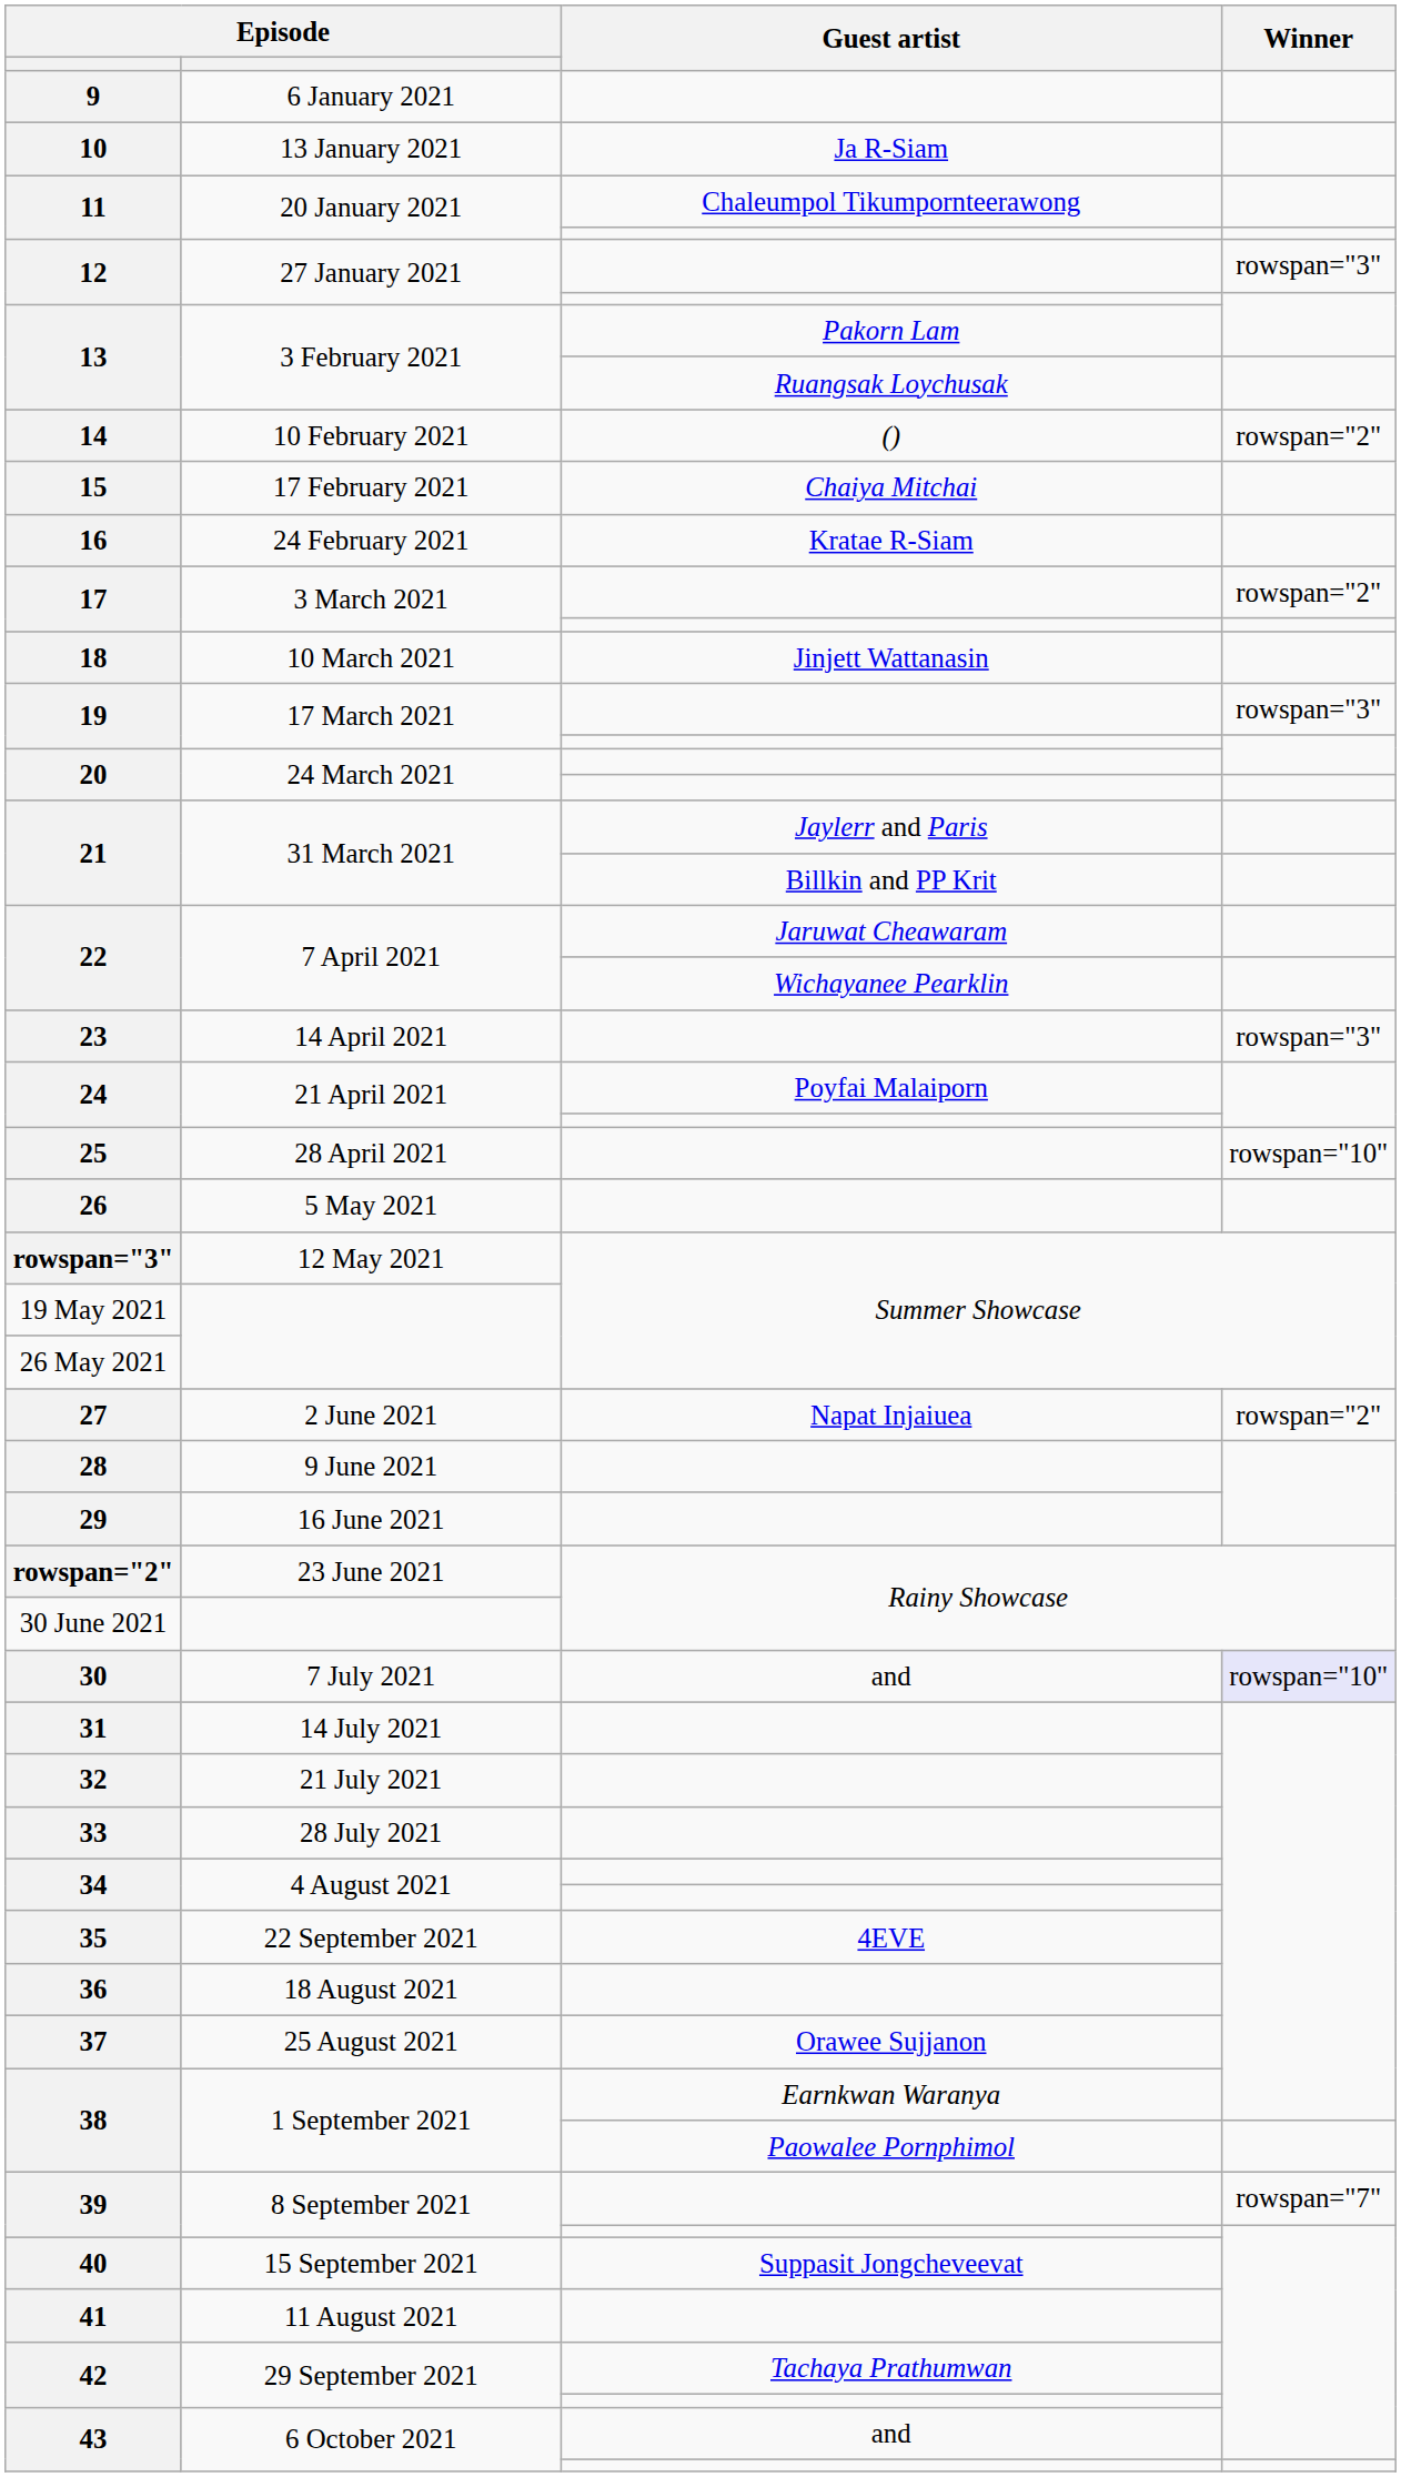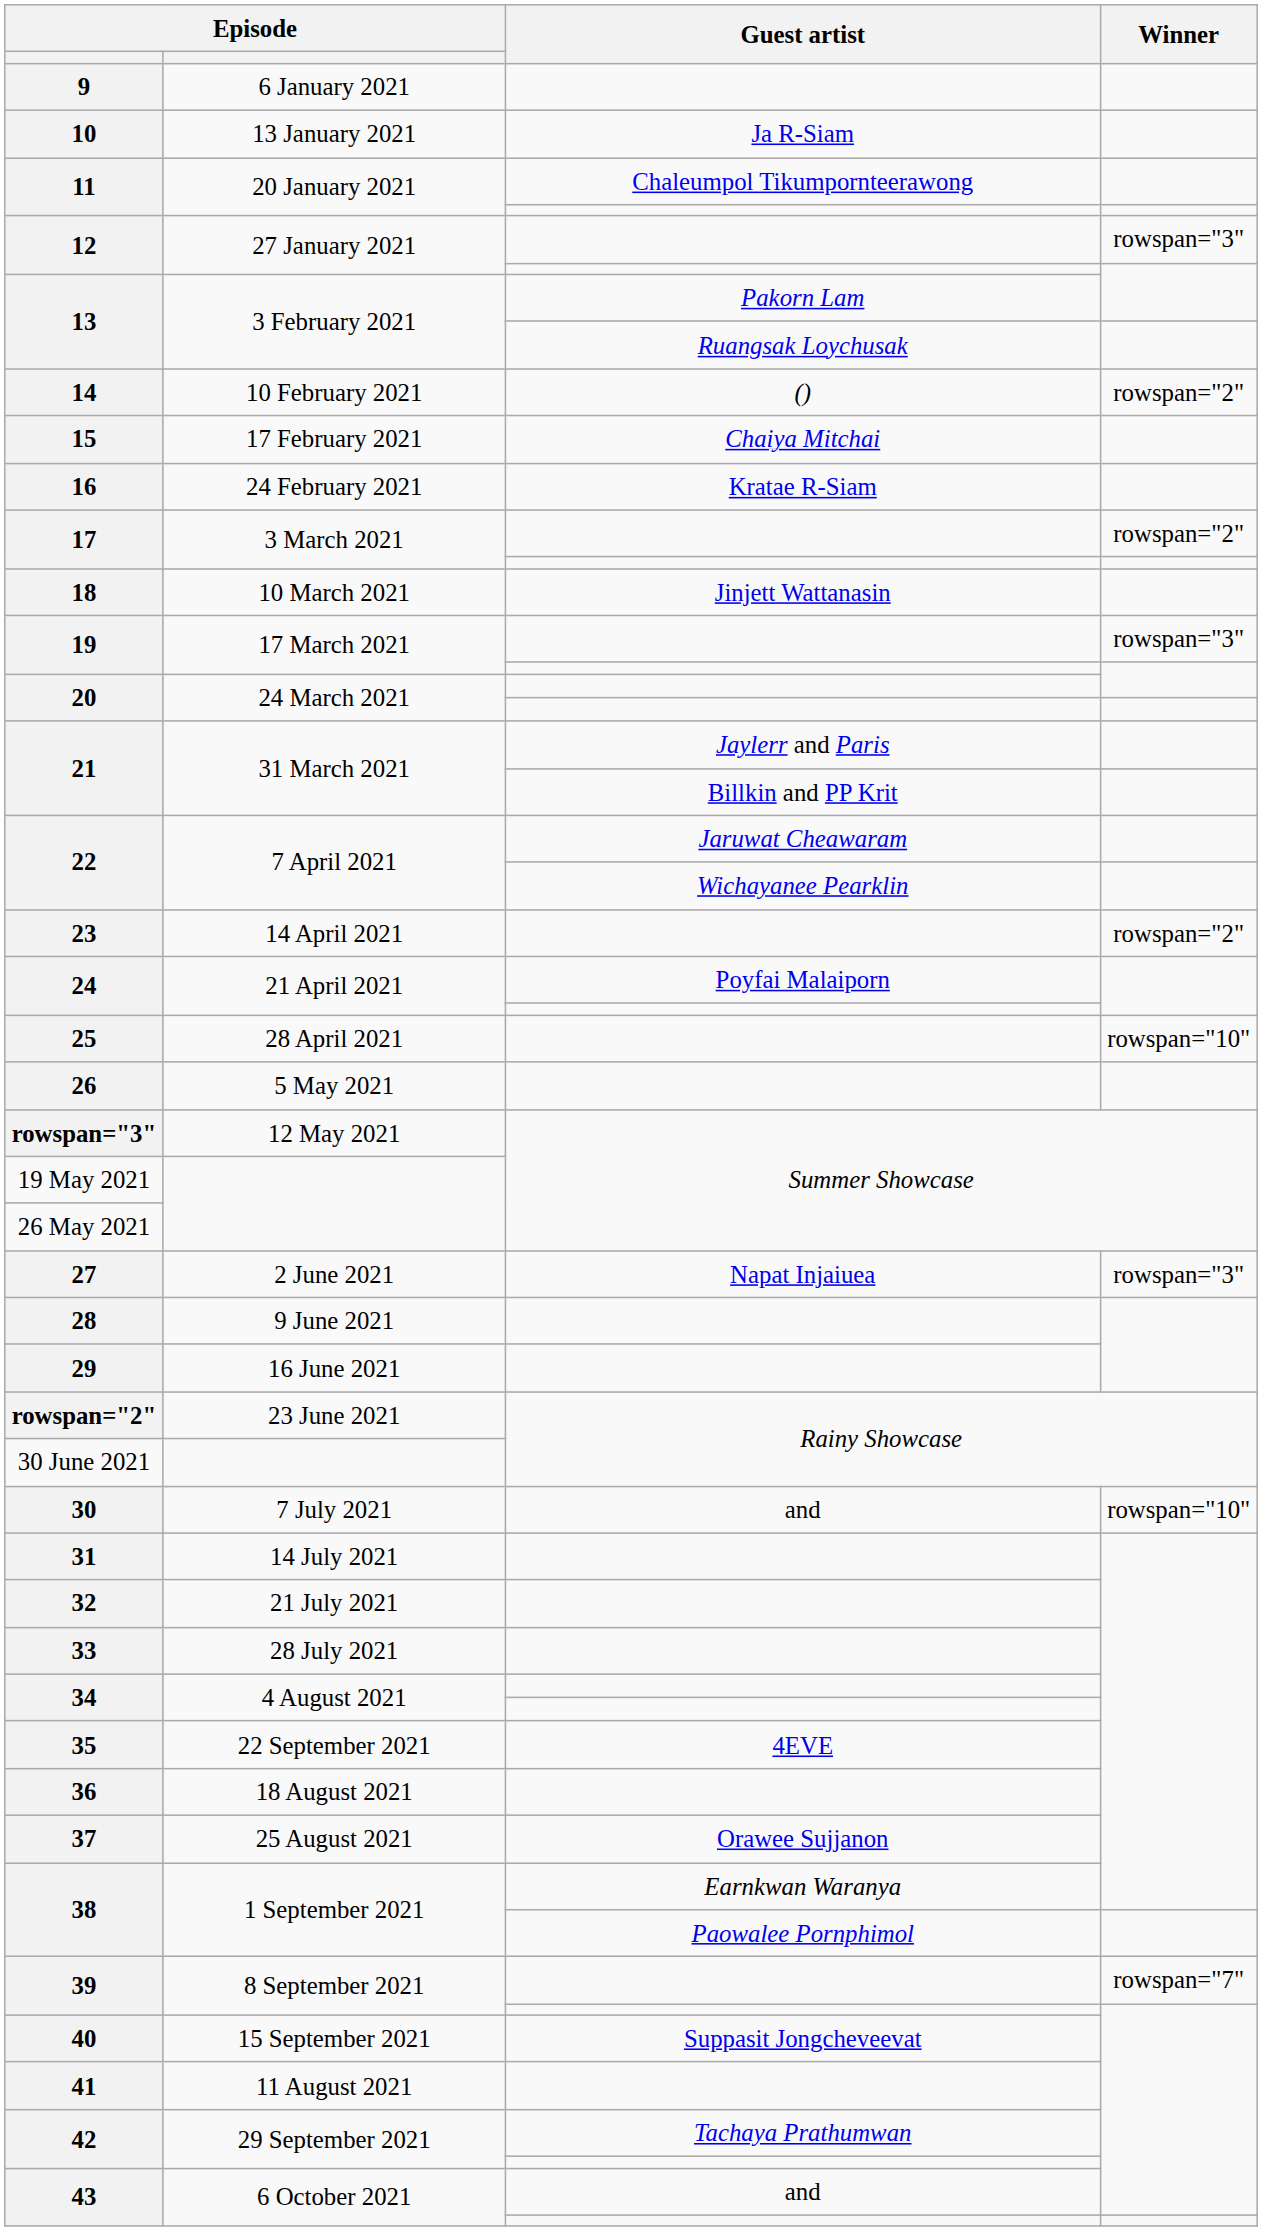 <table class="wikitable plainrowheaders mw-collapsible" style="text-align:center; line-height:23px; width:64%;">
 <tr>
 <th colspan="2" width="24%">Episode</th>
 <th rowspan="2" width="40%">Guest artist</th>
 <th rowspan="2" width="1%">Winner</th>
 </tr>
 <tr>
 <th width="01%"></th>
 <th></th>
 </tr>
 <tr>
 <th>9</th>
 <td>6 January 2021</td>
 <td></td>
 <td></td>
 </tr>
 <tr>
 <th>10</th>
 <td>13 January 2021</td>
 <td><a href='#'>Ja R-Siam</a></td>
 <td></td>
 </tr>
 <tr>
 <th rowspan="2">11</th>
 <td rowspan="2">20 January 2021</td>
 <td><a href='#'>Chaleumpol Tikumpornteerawong</a></td>
 <td></td>
 </tr>
 <tr>
 <td></td>
 <td></td>
 </tr>
 <tr>
 <th rowspan="2">12</th>
 <td rowspan="2">27 January 2021</td>
 <td><em></em></td>
 <td>rowspan="3"</td>
 </tr>
 <tr>
 <td><em></em></td>
 </tr>
 <tr>
 <th rowspan="2">13</th>
 <td rowspan="2">3 February 2021</td>
 <td><em><a href='#'>Pakorn Lam</a></em></td>
 </tr>
 <tr>
 <td><em><a href='#'>Ruangsak Loychusak</a></em></td>
 <td></td>
 </tr>
 <tr>
 <th>14</th>
 <td>10 February 2021</td>
 <td><em> ()</em></td>
 <td>rowspan="2"</td>
 </tr>
 <tr>
 <th>15</th>
 <td>17 February 2021</td>
 <td><em><a href='#'>Chaiya Mitchai</a></em></td>
 </tr>
 <tr>
 <th>16</th>
 <td>24 February 2021</td>
 <td><a href='#'>Kratae R-Siam</a></td>
 <td></td>
 </tr>
 <tr>
 <th rowspan="2">17</th>
 <td rowspan="2">3 March 2021</td>
 <td></td>
 <td>rowspan="2"</td>
 </tr>
 <tr>
 <td></td>
 </tr>
 <tr>
 <th>18</th>
 <td>10 March 2021</td>
 <td><a href='#'>Jinjett Wattanasin</a></td>
 <td></td>
 </tr>
 <tr>
 <th rowspan="2">19</th>
 <td rowspan="2">17 March 2021</td>
 <td></td>
 <td>rowspan="3"</td>
 </tr>
 <tr>
 <td></td>
 </tr>
 <tr>
 <th rowspan="2">20</th>
 <td rowspan="2">24 March 2021</td>
 <td><em></em></td>
 </tr>
 <tr>
 <td><em></em></td>
 <td></td>
 </tr>
 <tr>
 <th rowspan="2">21</th>
 <td rowspan="2">31 March 2021</td>
 <td><em><a href='#'>Jaylerr</a></em> and <em><a href='#'>Paris</a></em></td>
 <td></td>
 </tr>
 <tr>
 <td><a href='#'>Billkin</a> and <a href='#'>PP Krit</a></td>
 <td></td>
 </tr>
 <tr>
 <th rowspan="2">22</th>
 <td rowspan="2">7 April 2021</td>
 <td><em><a href='#'>Jaruwat Cheawaram</a></em></td>
 <td></td>
 </tr>
 <tr>
 <td><em><a href='#'>Wichayanee Pearklin</a></em></td>
 <td></td>
 </tr>
 <tr>
 <th>23</th>
 <td>14 April 2021</td>
 <td></td>
-<td>rowspan="3"</td>
+<td>rowspan="2"</td>
 </tr>
 <tr>
 <th rowspan="2">24</th>
 <td rowspan="2">21 April 2021</td>
 <td><a href='#'>Poyfai Malaiporn</a></td>
 </tr>
 <tr>
 <td></td>
 </tr>
 <tr>
 <th>25</th>
 <td>28 April 2021</td>
 <td></td>
 <td>rowspan="10"</td>
 </tr>
 <tr>
 <th>26</th>
 <td>5 May 2021</td>
 <td></td>
 </tr>
 <tr>
 <th>rowspan="3" </th>
 <td>12 May 2021</td>
 <td rowspan="3" colspan="2"><em>Summer Showcase</em></td>
 </tr>
 <tr>
 <td>19 May 2021</td>
 </tr>
 <tr>
 <td>26 May 2021</td>
 </tr>
 <tr>
 <th>27</th>
 <td>2 June 2021</td>
 <td><a href='#'>Napat Injaiuea</a></td>
-<td>rowspan="2"</td>
+<td>rowspan="3"</td>
 </tr>
 <tr>
 <th>28</th>
 <td>9 June 2021</td>
 <td></td>
 </tr>
 <tr>
 <th>29</th>
 <td>16 June 2021</td>
 <td></td>
 </tr>
 <tr>
 <th>rowspan="2" </th>
 <td>23 June 2021</td>
 <td rowspan="2" colspan="2"><em>Rainy Showcase</em></td>
 </tr>
 <tr>
 <td>30 June 2021</td>
 </tr>
 <tr>
 <th>30</th>
 <td>7 July 2021</td>
 <td> and </td>
-<td style="background: lavender;">rowspan="10"</td>
+<td>rowspan="10"</td>
 </tr>
 <tr>
 <th>31</th>
 <td>14 July 2021</td>
 <td></td>
 </tr>
 <tr>
 <th>32</th>
 <td>21 July 2021</td>
 <td></td>
 </tr>
 <tr>
 <th>33</th>
 <td>28 July 2021</td>
 <td></td>
 </tr>
 <tr>
 <th rowspan="2">34</th>
 <td rowspan="2">4 August 2021</td>
 <td></td>
 </tr>
 <tr>
 <td></td>
 </tr>
 <tr>
 <th>35</th>
 <td>22 September 2021</td>
 <td><a href='#'>4EVE</a></td>
 </tr>
 <tr>
 <th>36</th>
 <td>18 August 2021</td>
 <td><em></em></td>
 </tr>
 <tr>
 <th>37</th>
 <td>25 August 2021</td>
 <td><a href='#'>Orawee Sujjanon</a></td>
 </tr>
 <tr>
 <th rowspan="2">38</th>
 <td rowspan="2">1 September 2021</td>
 <td><em>Earnkwan Waranya</em></td>
 </tr>
 <tr>
 <td><em><a href='#'>Paowalee Pornphimol</a></em></td>
 <td></td>
 </tr>
 <tr>
 <th rowspan="2">39</th>
 <td rowspan="2">8 September 2021</td>
 <td></td>
 <td>rowspan="7" </td>
 </tr>
 <tr>
 <td></td>
 </tr>
 <tr>
 <th>40</th>
 <td>15 September 2021</td>
 <td><a href='#'>Suppasit Jongcheveevat</a></td>
 </tr>
 <tr>
 <th>41</th>
 <td>11 August 2021</td>
 <td><em></em></td>
 </tr>
 <tr>
 <th rowspan="2">42</th>
 <td rowspan="2">29 September 2021</td>
 <td><em><a href='#'>Tachaya Prathumwan</a></em></td>
 </tr>
 <tr>
 <td></td>
 </tr>
 <tr>
 <th rowspan="2">43</th>
 <td rowspan="2">6 October 2021</td>
 <td> and </td>
 </tr>
 <tr>
 <td><em></em></td>
 <td></td>
 </tr>
 </table>
